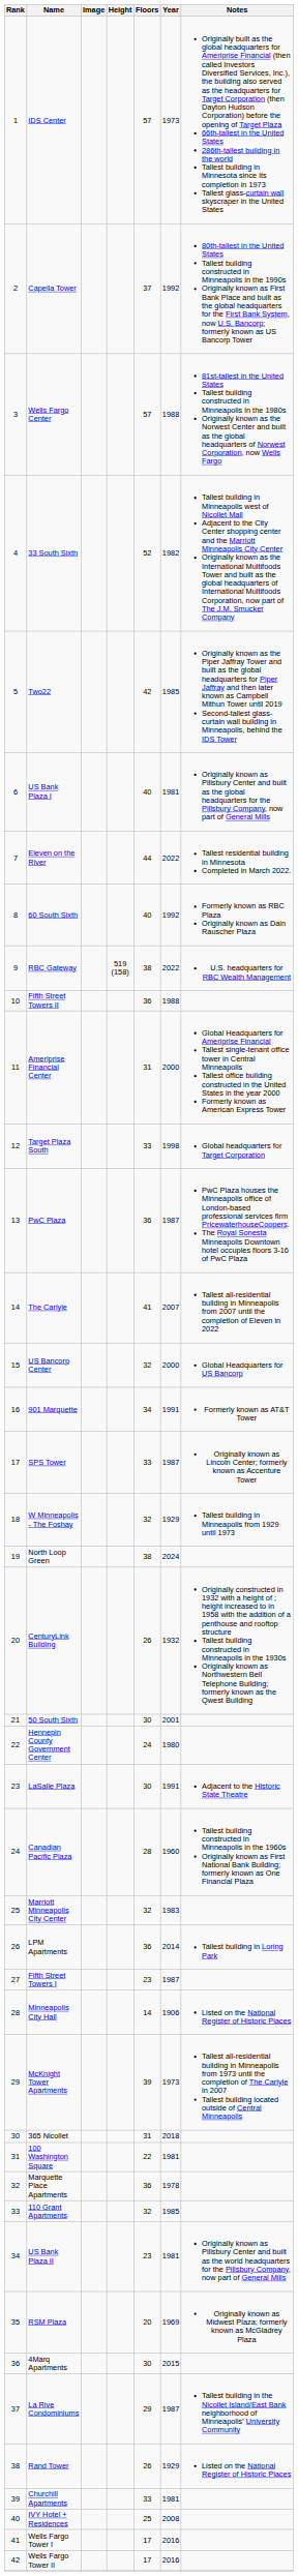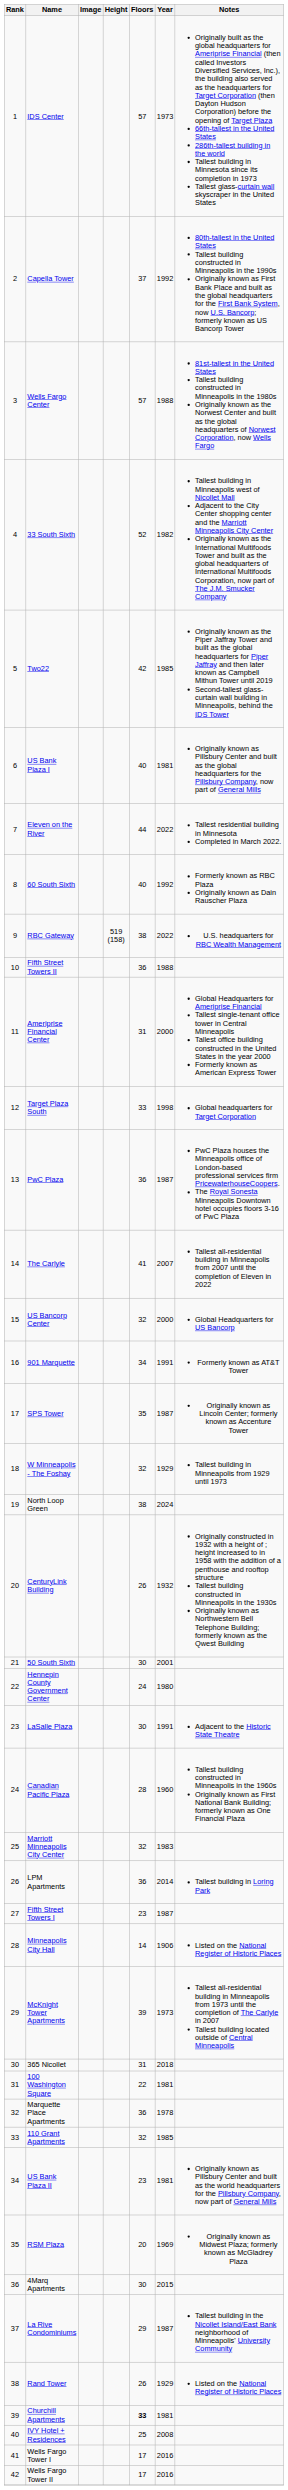 <table class="wikitable sortable" style="text-align:center;">
 <tr>
 <th scope=col>Rank</th>
 <th scope=col>Name</th>
 <th scope=col class="unsortable">Image</th>
 <th scope=col>Height<br></th>
 <th scope=col>Floors</th>
 <th scope=col>Year</th>
 <th scope=col class="unsortable">Notes</th>
 </tr>
 <tr>
 <td>1</td>
 <td align=left><a href='#'>IDS Center</a></td>
 <td></td>
 <td></td>
 <td>57</td>
 <td>1973</td>
 <td align=left><br><ul><li>Originally built as the global headquarters for <a href='#'>Ameriprise Financial</a> (then called Investors Diversified Services, Inc.), the building also served as the headquarters for <a href='#'>Target Corporation</a> (then Dayton Hudson Corporation) before the opening of <a href='#'>Target Plaza</a></li><li><a href='#'>66th-tallest in the United States</a></li><li><a href='#'>286th-tallest building in the world</a></li><li>Tallest building in Minnesota since its completion in 1973</li><li>Tallest glass-<a href='#'>curtain wall</a> skyscraper in the United States</li></ul></td>
 </tr>
 <tr>
 <td>2</td>
 <td align=left><a href='#'>Capella Tower</a></td>
 <td></td>
 <td></td>
 <td>37</td>
 <td>1992</td>
 <td align=left><br><ul><li><a href='#'>80th-tallest in the United States</a></li><li>Tallest building constructed in Minneapolis in the 1990s</li><li>Originally known as First Bank Place and built as the global headquarters for the <a href='#'>First Bank System</a>, now <a href='#'>U.S. Bancorp</a>; formerly known as US Bancorp Tower</li></ul></td>
 </tr>
 <tr>
 <td>3</td>
 <td align=left><a href='#'>Wells Fargo Center</a></td>
 <td></td>
 <td></td>
 <td>57</td>
 <td>1988</td>
 <td align=left><br><ul><li><a href='#'>81st-tallest in the United States</a></li><li>Tallest building constructed in Minneapolis in the 1980s</li><li>Originally known as the Norwest Center and built as the global headquarters of <a href='#'>Norwest Corporation</a>, now <a href='#'>Wells Fargo</a></li></ul></td>
 </tr>
 <tr>
 <td>4</td>
 <td align=left><a href='#'>33 South Sixth</a></td>
 <td></td>
 <td></td>
 <td>52</td>
 <td>1982</td>
 <td align=left><br><ul><li>Tallest building in Minneapolis west of <a href='#'>Nicollet Mall</a></li><li>Adjacent to the City Center shopping center and the <a href='#'>Marriott Minneapolis City Center</a></li><li>Originally known as the International Multifoods Tower and built as the global headquarters of International Multifoods Corporation, now part of <a href='#'>The J.M. Smucker Company</a></li></ul></td>
 </tr>
 <tr>
 <td>5</td>
 <td align=left><a href='#'>Two22</a></td>
 <td></td>
 <td></td>
 <td>42</td>
 <td>1985</td>
 <td align=left><br><ul><li>Originally known as the Piper Jaffray Tower and built as the global headquarters for <a href='#'>Piper Jaffray</a> and then later known as Campbell Mithun Tower until 2019</li><li>Second-tallest glass-curtain wall building in Minneapolis, behind the <a href='#'>IDS Tower</a></li></ul></td>
 </tr>
 <tr>
 <td>6</td>
 <td align=left><a href='#'>US Bank Plaza I</a></td>
 <td></td>
 <td></td>
 <td>40</td>
 <td>1981</td>
 <td align=left><br><ul><li>Originally known as Pillsbury Center and built as the global headquarters for the <a href='#'>Pillsbury Company</a>, now part of <a href='#'>General Mills</a></li></ul></td>
 </tr>
 <tr>
 <td>7</td>
 <td align=left><a href='#'>Eleven on the River</a></td>
 <td></td>
 <td></td>
 <td>44</td>
 <td>2022</td>
 <td align=left><br><ul><li>Tallest residential building in Minnesota </li><li>Completed in March 2022.</li></ul></td>
 </tr>
 <tr>
 <td>8</td>
 <td align=left><a href='#'>60 South Sixth</a></td>
 <td></td>
 <td></td>
 <td>40</td>
 <td>1992</td>
 <td align=left><br><ul><li>Formerly known as RBC Plaza</li><li>Originally known as Dain Rauscher Plaza</li></ul></td>
 </tr>
 <tr>
 <td>9</td>
 <td align=left><a href='#'>RBC Gateway</a></td>
 <td><br></td>
 <td>519 (158)</td>
 <td>38</td>
 <td>2022</td>
 <td><br><ul><li>U.S. headquarters for <a href='#'>RBC Wealth Management</a></li></ul></td>
 </tr>
 <tr>
 <td>10</td>
 <td align=left><a href='#'>Fifth Street Towers II</a></td>
 <td></td>
 <td></td>
 <td>36</td>
 <td>1988</td>
 <td></td>
 </tr>
 <tr>
 <td>11</td>
 <td align=left><a href='#'>Ameriprise Financial Center</a></td>
 <td></td>
 <td></td>
 <td>31</td>
 <td>2000</td>
 <td align=left><br><ul><li>Global Headquarters for <a href='#'>Ameriprise Financial</a></li><li>Tallest single-tenant office tower in Central Minneapolis</li><li>Tallest office building constructed in the United States in the year 2000</li><li>Formerly known as American Express Tower</li></ul></td>
 </tr>
 <tr>
 <td>12</td>
 <td align=left><a href='#'>Target Plaza South</a></td>
 <td></td>
 <td></td>
 <td>33</td>
 <td>1998</td>
 <td align=left><br><ul><li>Global headquarters for <a href='#'>Target Corporation</a></li></ul></td>
 </tr>
 <tr>
 <td>13</td>
 <td align=left><a href='#'>PwC Plaza</a></td>
 <td></td>
 <td></td>
 <td>36</td>
 <td>1987</td>
 <td align=left><br><ul><li>PwC Plaza houses the Minneapolis office of London-based professional services firm <a href='#'>PricewaterhouseCoopers</a>.</li><li>The <a href='#'>Royal Sonesta</a> Minneapolis Downtown hotel occupies floors 3-16 of PwC Plaza</li></ul></td>
 </tr>
 <tr>
 <td>14</td>
 <td align=left><a href='#'>The Carlyle</a></td>
 <td></td>
 <td></td>
 <td>41</td>
 <td>2007</td>
 <td align=left><br><ul><li>Tallest all-residential building in Minneapolis from 2007 until the completion of Eleven in 2022</li></ul></td>
 </tr>
 <tr>
 <td>15</td>
 <td align=left><a href='#'>US Bancorp Center</a></td>
 <td></td>
 <td></td>
 <td>32</td>
 <td>2000</td>
 <td align=left><br><ul><li>Global Headquarters for <a href='#'>US Bancorp</a></li></ul></td>
 </tr>
 <tr>
 <td>16</td>
 <td align=left><a href='#'>901 Marquette</a></td>
 <td></td>
 <td></td>
 <td>34</td>
 <td>1991</td>
 <td><br><ul><li>Formerly known as AT&T Tower</li></ul></td>
 </tr>
 <tr>
 <td>17</td>
 <td align=left><a href='#'>SPS Tower</a></td>
 <td></td>
 <td></td>
-<td>33</td>
+<td>35</td>
 <td>1987</td>
 <td><br><ul><li>Originally known as Lincoln Center; formerly known as Accenture Tower</li></ul></td>
 </tr>
 <tr>
 <td>18</td>
 <td align=left><a href='#'>W Minneapolis - The Foshay</a></td>
 <td></td>
 <td></td>
 <td>32</td>
 <td>1929</td>
 <td align=left><br><ul><li>Tallest building in Minneapolis from 1929 until 1973</li></ul></td>
 </tr>
 <tr>
 <td>19</td>
 <td align=left>North Loop Green</td>
 <td></td>
 <td></td>
 <td>38</td>
 <td>2024</td>
 <td></td>
 </tr>
 <tr>
 <td>20</td>
 <td align=left><a href='#'>CenturyLink Building</a></td>
 <td></td>
 <td></td>
 <td>26</td>
 <td>1932</td>
 <td align=left><br><ul><li>Originally constructed in 1932 with a height of ; height increased to  in 1958 with the addition of a penthouse and rooftop structure</li><li>Tallest building constructed in Minneapolis in the 1930s</li><li>Originally known as Northwestern Bell Telephone Building; formerly known as the Qwest Building</li></ul></td>
 </tr>
 <tr>
 <td>21</td>
 <td align=left><a href='#'>50 South Sixth</a></td>
 <td></td>
 <td></td>
 <td>30</td>
 <td>2001</td>
 <td></td>
 </tr>
 <tr>
 <td>22</td>
 <td align=left><a href='#'>Hennepin County Government Center</a></td>
 <td></td>
 <td></td>
 <td>24</td>
 <td>1980</td>
 <td></td>
 </tr>
 <tr>
 <td>23</td>
 <td align=left><a href='#'>LaSalle Plaza</a></td>
 <td></td>
 <td></td>
 <td>30</td>
 <td>1991</td>
 <td align=left><br><ul><li>Adjacent to the <a href='#'>Historic State Theatre</a></li></ul></td>
 </tr>
 <tr>
 <td>24</td>
 <td align=left><a href='#'>Canadian Pacific Plaza</a></td>
 <td></td>
 <td></td>
 <td>28</td>
 <td>1960</td>
 <td align=left><br><ul><li>Tallest building constructed in Minneapolis in the 1960s</li><li>Originally known as First National Bank Building; formerly known as One Financial Plaza</li></ul></td>
 </tr>
 <tr>
 <td>25</td>
 <td align=left><a href='#'>Marriott Minneapolis City Center</a></td>
 <td></td>
 <td></td>
 <td>32</td>
 <td>1983</td>
 <td></td>
 </tr>
 <tr>
 <td>26</td>
 <td align=left>LPM Apartments</td>
 <td></td>
 <td></td>
 <td>36</td>
 <td>2014</td>
 <td align=left><br><ul><li>Tallest building in <a href='#'>Loring Park</a></li></ul></td>
 </tr>
 <tr>
 <td>27</td>
 <td align=left><a href='#'>Fifth Street Towers I</a></td>
 <td></td>
 <td></td>
 <td>23</td>
 <td>1987</td>
 <td></td>
 </tr>
 <tr>
 <td>28</td>
 <td align=left><a href='#'>Minneapolis City Hall</a></td>
 <td></td>
 <td></td>
 <td>14</td>
 <td>1906</td>
 <td align=left><br><ul><li>Listed on the <a href='#'>National Register of Historic Places</a></li></ul></td>
 </tr>
 <tr>
 <td>29</td>
 <td align=left><a href='#'>McKnight Tower Apartments</a></td>
 <td></td>
 <td></td>
 <td>39</td>
 <td>1973</td>
 <td align=left><br><ul><li>Tallest all-residential building in Minneapolis from 1973 until the completion of <a href='#'>The Carlyle</a> in 2007</li><li>Tallest building located outside of <a href='#'>Central Minneapolis</a></li></ul></td>
 </tr>
 <tr>
 <td>30</td>
 <td align=left>365 Nicollet</td>
 <td></td>
 <td></td>
 <td>31</td>
 <td>2018</td>
 <td></td>
 </tr>
 <tr>
 <td>31</td>
 <td align=left><a href='#'>100 Washington Square</a></td>
 <td></td>
 <td></td>
 <td>22</td>
 <td>1981</td>
 <td></td>
 </tr>
 <tr>
 <td>32</td>
 <td align=left>Marquette Place Apartments</td>
 <td></td>
 <td></td>
 <td>36</td>
 <td>1978</td>
 <td></td>
 </tr>
 <tr>
 <td>33</td>
 <td align=left><a href='#'>110 Grant Apartments</a></td>
 <td></td>
 <td></td>
 <td>32</td>
 <td>1985</td>
 <td></td>
 </tr>
 <tr>
 <td>34</td>
 <td align=left><a href='#'>US Bank Plaza II</a></td>
 <td></td>
 <td></td>
 <td>23</td>
 <td>1981</td>
 <td align=left><br><ul><li>Originally known as Pillsbury Center and built as the world headquarters for the <a href='#'>Pillsbury Company</a>, now part of <a href='#'>General Mills</a></li></ul></td>
 </tr>
 <tr>
 <td>35</td>
 <td align=left><a href='#'>RSM Plaza</a></td>
 <td></td>
 <td></td>
 <td>20</td>
 <td>1969</td>
 <td><br><ul><li>Originally known as Midwest Plaza; formerly known as McGladrey Plaza</li></ul></td>
 </tr>
 <tr>
 <td>36</td>
 <td align="left">4Marq Apartments</td>
 <td></td>
 <td></td>
 <td>30</td>
 <td>2015</td>
 <td></td>
 </tr>
 <tr>
 <td>37</td>
 <td align=left><a href='#'>La Rive Condominiums</a></td>
 <td></td>
 <td></td>
 <td>29</td>
 <td>1987</td>
 <td align=left><br><ul><li>Tallest building in the <a href='#'>Nicollet Island/East Bank</a> neighborhood of Minneapolis' <a href='#'>University Community</a></li></ul></td>
 </tr>
 <tr>
 <td>38</td>
 <td align=left><a href='#'>Rand Tower</a></td>
 <td></td>
 <td></td>
 <td>26</td>
 <td>1929</td>
 <td align=left><br><ul><li>Listed on the <a href='#'>National Register of Historic Places</a></li></ul></td>
 </tr>
 <tr>
 <td>39</td>
 <td align="left"><a href='#'>Churchill Apartments</a></td>
 <td></td>
 <td></td>
-<td>33</td>
+<td><strong>33</strong></td>
 <td>1981</td>
 <td></td>
 </tr>
 <tr>
 <td>40</td>
 <td align="left"><a href='#'>IVY Hotel + Residences</a></td>
 <td></td>
 <td></td>
 <td>25</td>
 <td>2008</td>
 <td><br></td>
 </tr>
 <tr>
 <td>41</td>
 <td align="left">Wells Fargo Tower I</td>
 <td></td>
 <td></td>
 <td>17</td>
 <td>2016</td>
 <td></td>
 </tr>
 <tr>
 <td>42</td>
 <td align="left">Wells Fargo Tower II</td>
 <td></td>
 <td></td>
 <td>17</td>
 <td>2016</td>
 <td></td>
 </tr>
 <tr>
 </tr>
 </table>
